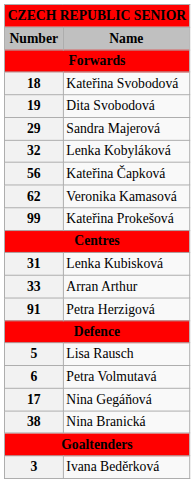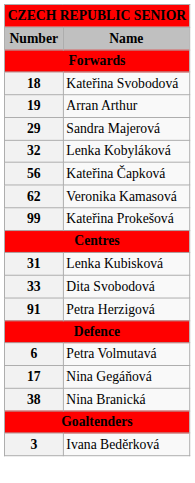 <table class="wikitable" style="text-align:left; font-size:90%;">
 <tr>
 <th style=background:red colspan=2>CZECH REPUBLIC SENIOR</th>
 </tr>
 <tr>
 <th style="background:silver;">Number</th>
 <th style="background:silver;">Name</th>
 </tr>
 <tr>
 <th style=background:red colspan=2>Forwards</th>
 </tr>
 <tr>
 <th>18</th>
 <td>Kateřina Svobodová</td>
 </tr>
 <tr>
 <th>19</th>
-<td>Dita Svobodová</td>
+<td>Arran Arthur</td>
 </tr>
 <tr>
 <th>29</th>
 <td>Sandra Majerová</td>
 </tr>
 <tr>
 <th>32</th>
 <td>Lenka Kobyláková</td>
 </tr>
 <tr>
 <th>56</th>
 <td>Kateřina Čapková</td>
 </tr>
 <tr>
 <th>62</th>
 <td>Veronika Kamasová</td>
 </tr>
 <tr>
 <th>99</th>
 <td>Kateřina Prokešová</td>
 </tr>
 <tr>
 <th style=background:red colspan=2>Centres</th>
 </tr>
 <tr>
 <th>31</th>
 <td>Lenka Kubisková</td>
 </tr>
 <tr>
 <th>33</th>
-<td>Arran Arthur</td>
+<td>Dita Svobodová</td>
 </tr>
 <tr>
 <th>91</th>
 <td>Petra Herzigová</td>
 </tr>
 <tr>
 <th style=background:red colspan=2>Defence</th>
-</tr>
-<tr>
-<th>5</th>
-<td>Lisa Rausch</td>
 </tr>
 <tr>
 <th>6</th>
 <td>Petra Volmutavá</td>
 </tr>
 <tr>
 <th>17</th>
 <td>Nina Gegáňová</td>
 </tr>
 <tr>
 <th>38</th>
 <td>Nina Branická</td>
 </tr>
 <tr>
 <th style=background:red colspan=2>Goaltenders</th>
 </tr>
 <tr>
 <th>3</th>
 <td>Ivana Beděrková</td>
 </tr>
 </table>
